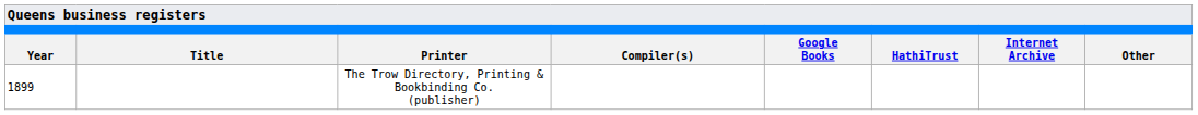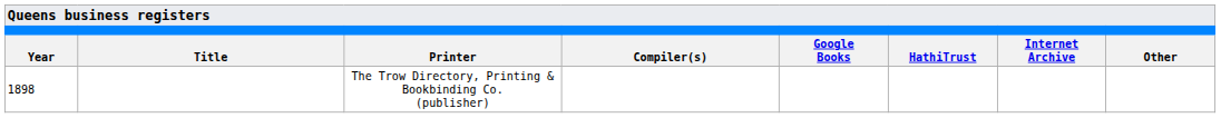 <table class="wikitable collapsible sortable static-row-numbers" cellpadding="1" style="color: black; background-color: #FFFFFF; font-size: 90%; width:100%">
 <tr class="static-row-header" style="text-align:center;vertical-align:bottom;">
 <th style="text-align:left; background:#eaecf0; border-style: solid; border-width: 0px 0px 0px 0px;" colspan=8><big><strong>Queens business registers</strong></big></th>
 </tr>
 <tr class="static-row-header" style="text-align:center;vertical-align:bottom;border-style: solid; border-color: #0085ff; border-width: 10px 0px 0px 0px;">
 <th>Year</th>
 <th>Title</th>
 <th>Printer</th>
 <th>Compiler(s)</th>
 <th><a href='#'>Google<br>Books</a></th>
 <th><a href='#'>HathiTrust</a></th>
 <th><a href='#'>Internet<br>Archive</a></th>
 <th>Other</th>
 </tr>
 <tr>
-<td width="6%;" data-sort-value="1899">1899</td>
+<td width="6%;" data-sort-value="1899">1898</td>
 <td width="22%" data-sort-value="trow business directory 1899"></td>
 <td style="text-align:center" width="18%" data-sort-value="trow 1899">The Trow Directory, Printing & Bookbinding Co.<br>(publisher)</td>
 <td style="text-align:center" width="18%"></td>
 <td style="text-align:center" width="9%"></td>
 <td style="text-align:center" width="9%"></td>
 <td style="text-align:center" width="9%"></td>
 <td style="text-align:center" width="9%"></td>
 </tr>
 </table>
